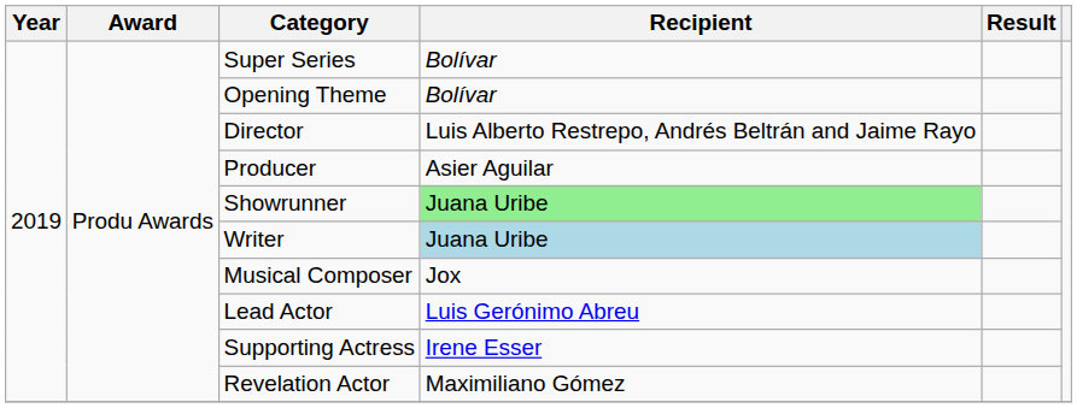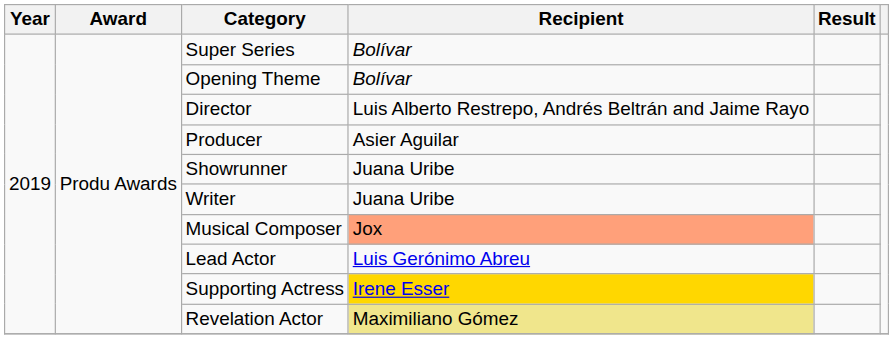 <table class="wikitable plainrowheaders">
 <tr>
 <th>Year</th>
 <th>Award</th>
 <th>Category</th>
 <th>Recipient</th>
 <th>Result</th>
 <th></th>
 </tr>
 <tr>
 <td rowspan="10">2019</td>
 <td rowspan="10">Produ Awards</td>
 <td>Super Series</td>
 <td><em>Bolívar</em></td>
 <td></td>
 <td rowspan="10"></td>
 </tr>
 <tr>
 <td>Opening Theme</td>
 <td><em>Bolívar</em></td>
 <td></td>
 </tr>
 <tr>
 <td>Director</td>
 <td>Luis Alberto Restrepo, Andrés Beltrán and Jaime Rayo</td>
 <td></td>
 </tr>
 <tr>
 <td>Producer</td>
 <td>Asier Aguilar</td>
 <td></td>
 </tr>
 <tr>
 <td>Showrunner</td>
-<td style="background: lightgreen;">Juana Uribe</td>
+<td>Juana Uribe</td>
 <td></td>
 </tr>
 <tr>
 <td>Writer</td>
-<td style="background: lightblue;">Juana Uribe</td>
+<td>Juana Uribe</td>
 <td></td>
 </tr>
 <tr>
 <td>Musical Composer</td>
-<td>Jox</td>
+<td style="background: lightsalmon;">Jox</td>
 <td></td>
 </tr>
 <tr>
 <td>Lead Actor</td>
 <td><a href='#'>Luis Gerónimo Abreu</a></td>
 <td></td>
 </tr>
 <tr>
 <td>Supporting Actress</td>
-<td><a href='#'>Irene Esser</a></td>
+<td style="background: gold;"><a href='#'>Irene Esser</a></td>
 <td></td>
 </tr>
 <tr>
 <td>Revelation Actor</td>
-<td>Maximiliano Gómez</td>
+<td style="background: khaki;">Maximiliano Gómez</td>
 <td></td>
 </tr>
 <tr>
 </tr>
 </table>
